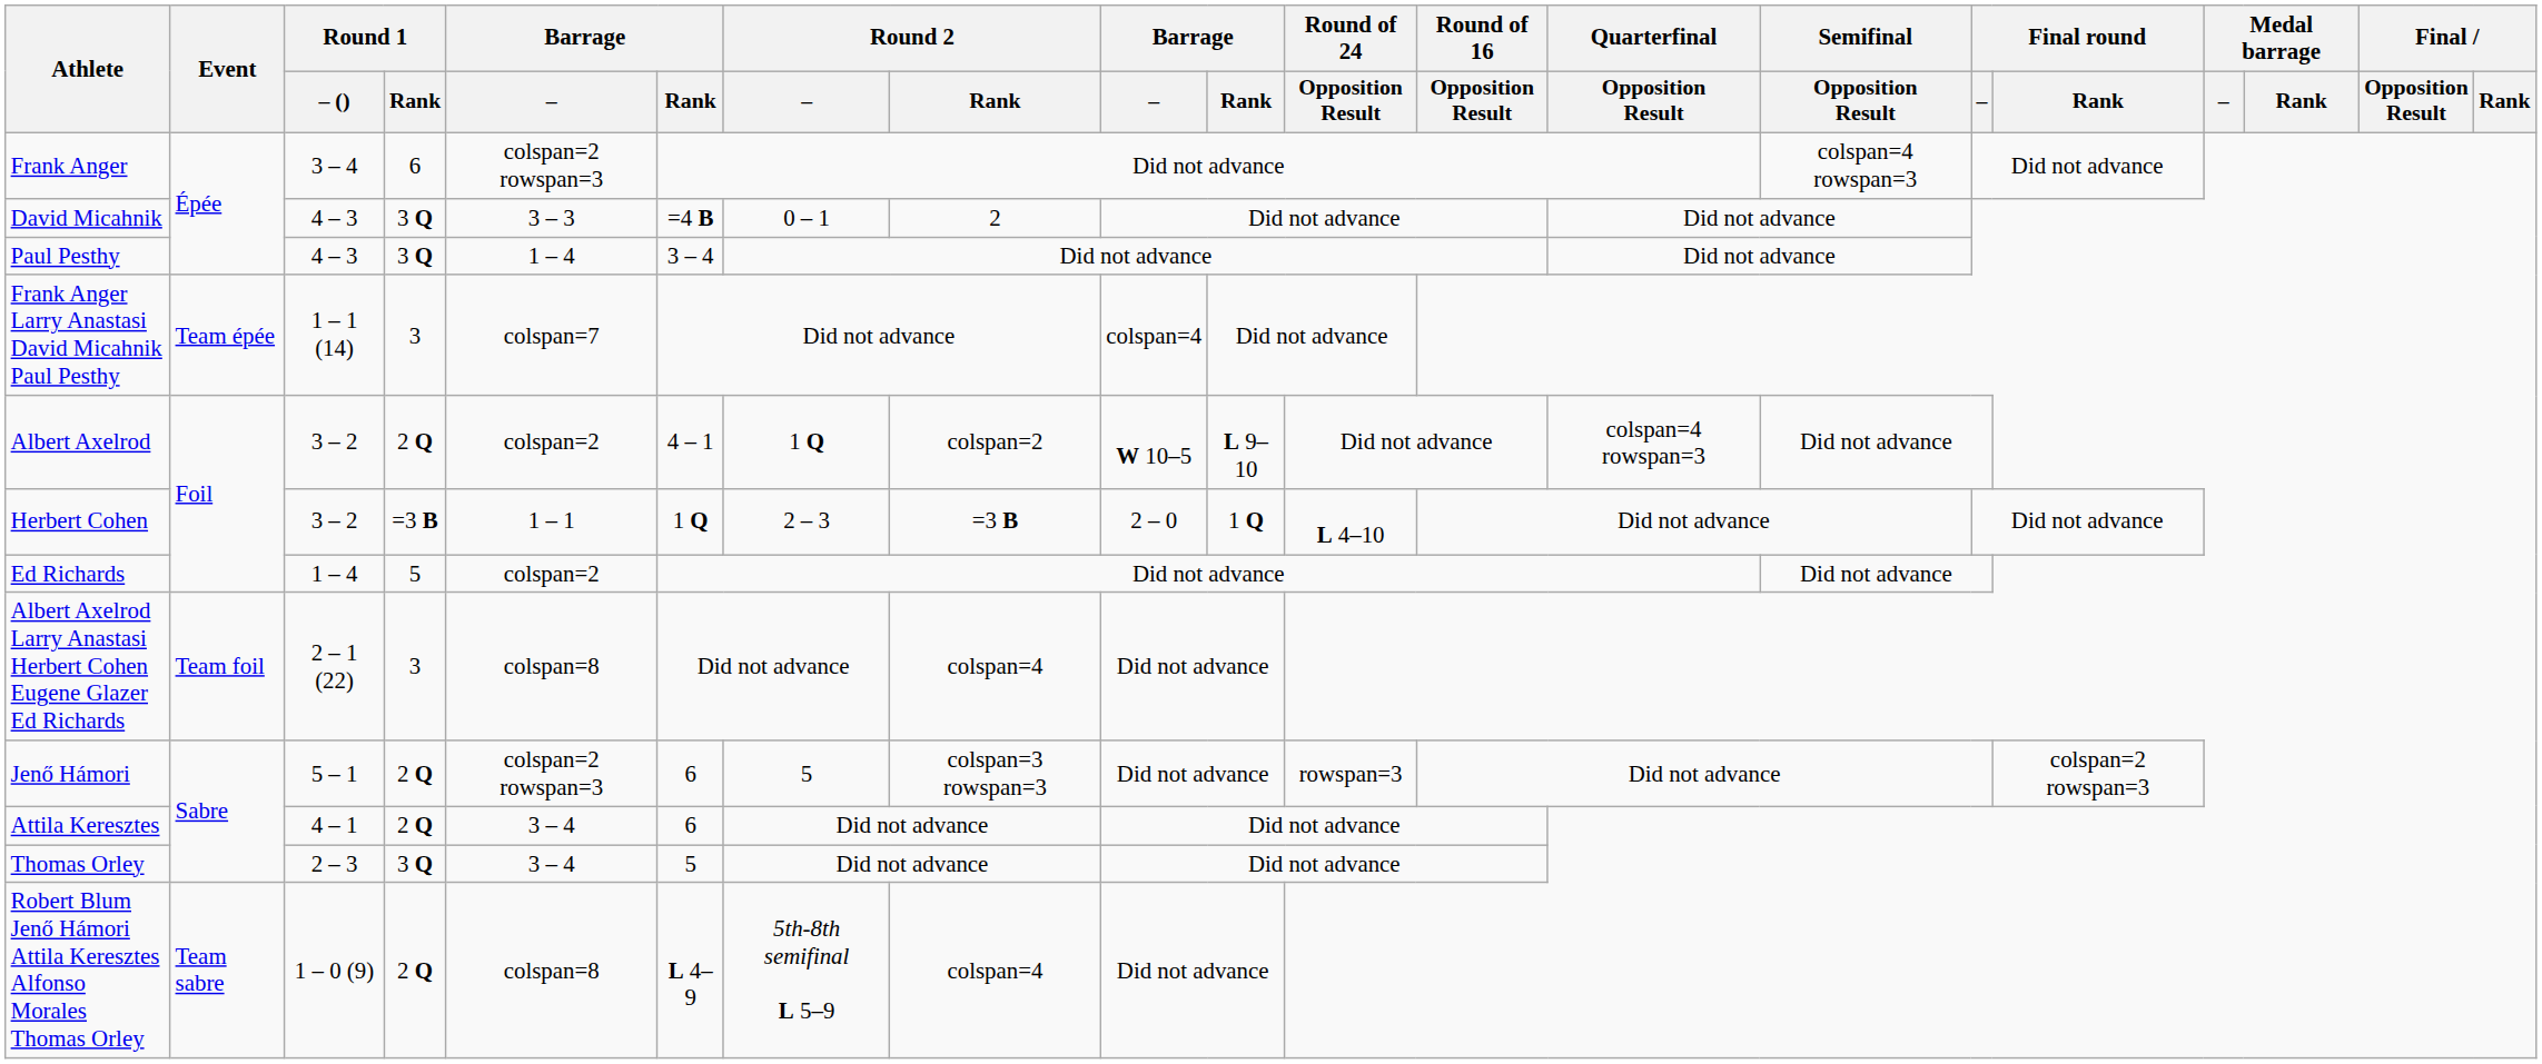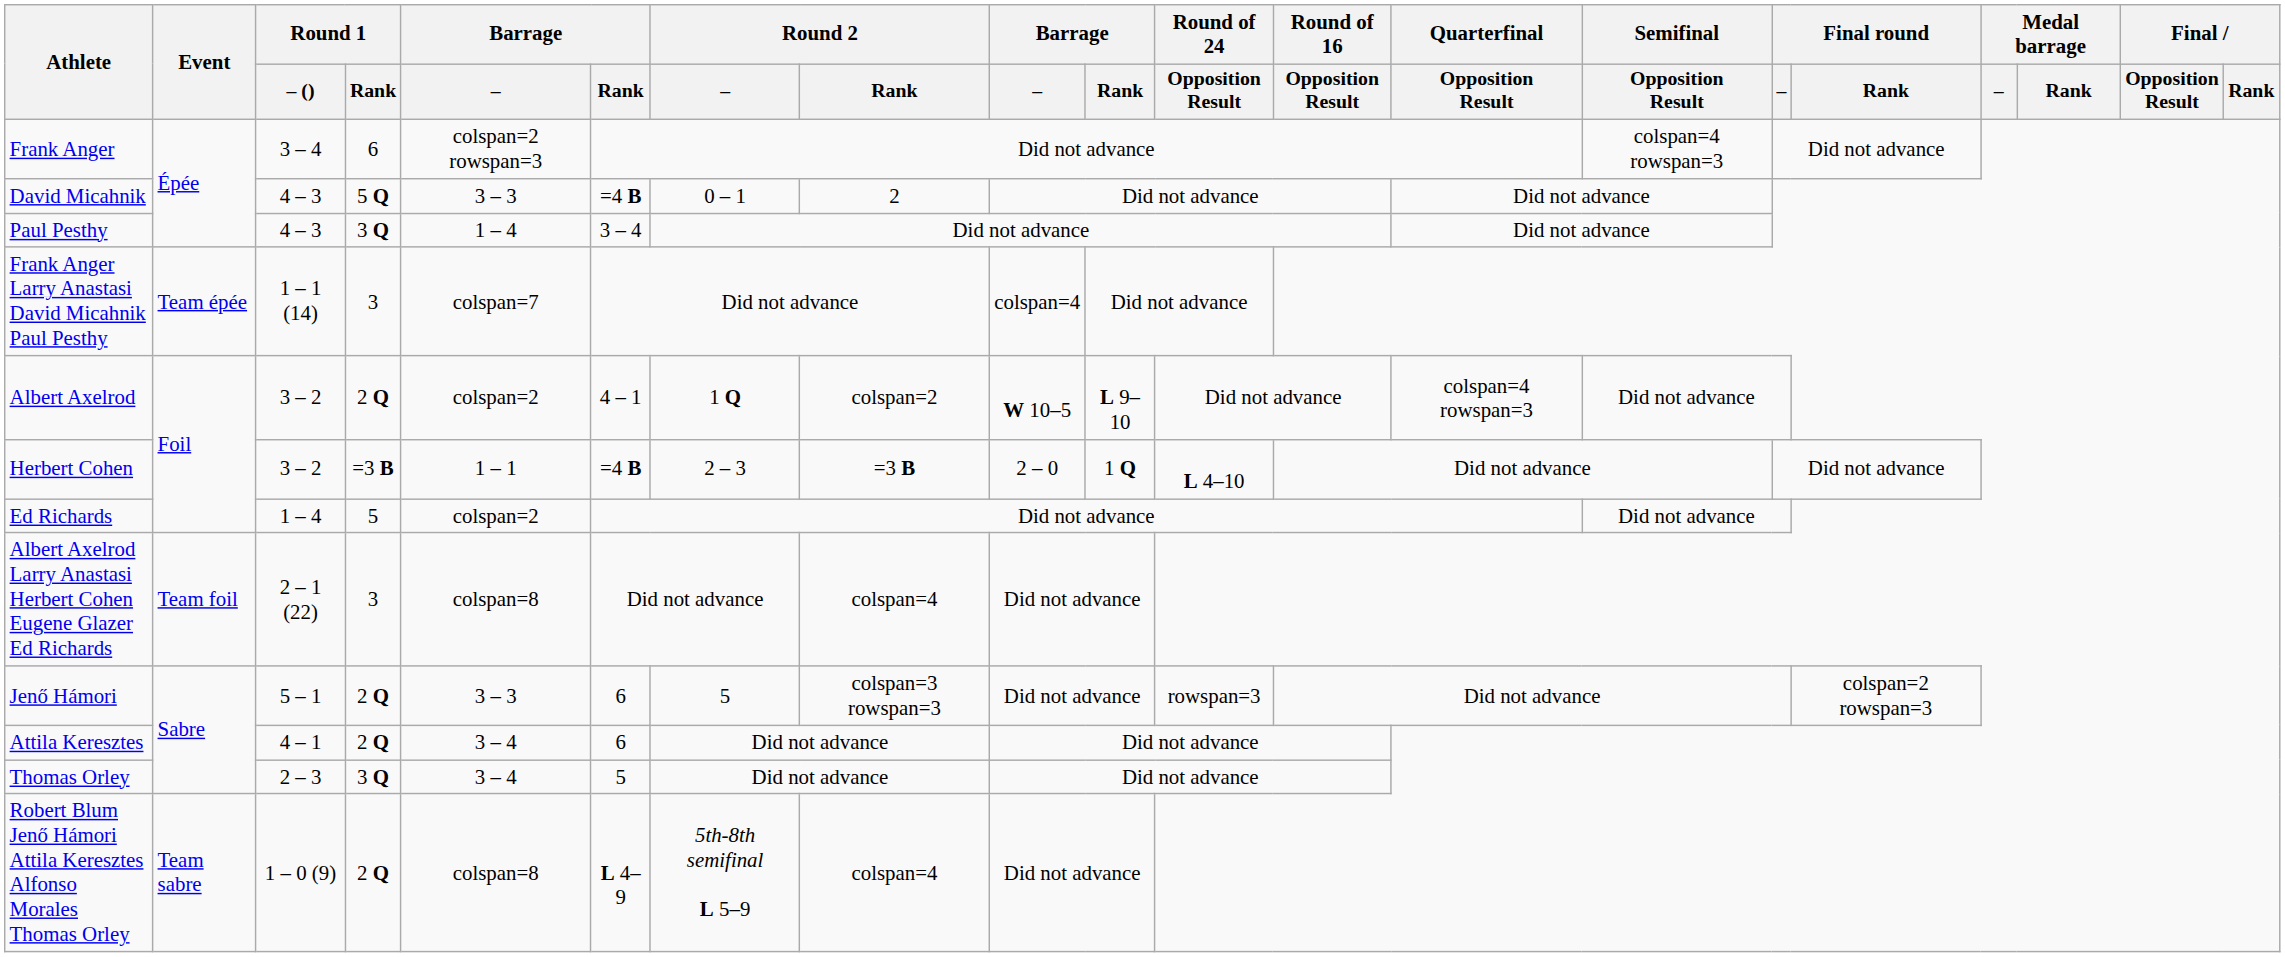 <table class=wikitable style=font-size:90%;text-align:center>
 <tr>
 <th rowspan=2>Athlete</th>
 <th rowspan=2>Event</th>
 <th colspan=2>Round 1</th>
 <th colspan=2>Barrage</th>
 <th colspan=2>Round 2</th>
 <th colspan=2>Barrage</th>
 <th>Round of 24</th>
 <th>Round of 16</th>
 <th>Quarterfinal</th>
 <th>Semifinal</th>
 <th colspan=2>Final round</th>
 <th colspan=2>Medal barrage</th>
 <th colspan=2>Final / </th>
 </tr>
 <tr style=font-size:95%>
 <th> –  ()</th>
 <th>Rank</th>
 <th> – </th>
 <th>Rank</th>
 <th> – </th>
 <th>Rank</th>
 <th> – </th>
 <th>Rank</th>
 <th>Opposition<br>Result</th>
 <th>Opposition<br>Result</th>
 <th>Opposition<br>Result</th>
 <th>Opposition<br>Result</th>
 <th> – </th>
 <th>Rank</th>
 <th> – </th>
 <th>Rank</th>
 <th>Opposition<br>Result</th>
 <th>Rank</th>
 </tr>
 <tr>
 <td align=left><a href='#'>Frank Anger</a></td>
 <td align=left rowspan=3><a href='#'>Épée</a></td>
 <td>3 – 4</td>
 <td>6</td>
 <td>colspan=2 rowspan=3 </td>
 <td colspan=8>Did not advance</td>
 <td>colspan=4 rowspan=3 </td>
 <td colspan=2>Did not advance</td>
 </tr>
 <tr>
 <td align=left><a href='#'>David Micahnik</a></td>
 <td>4 – 3</td>
-<td>3 <strong>Q</strong></td>
+<td>5 <strong>Q</strong></td>
 <td>3 – 3</td>
 <td>=4 <strong>B</strong></td>
 <td>0 – 1</td>
 <td>2</td>
 <td colspan=4>Did not advance</td>
 <td colspan=2>Did not advance</td>
 </tr>
 <tr>
 <td align=left><a href='#'>Paul Pesthy</a></td>
 <td>4 – 3</td>
 <td>3 <strong>Q</strong></td>
 <td>1 – 4</td>
 <td>3 – 4</td>
 <td colspan=6>Did not advance</td>
 <td colspan=2>Did not advance</td>
 </tr>
 <tr>
 <td align=left><a href='#'>Frank Anger</a><br><a href='#'>Larry Anastasi</a><br><a href='#'>David Micahnik</a><br><a href='#'>Paul Pesthy</a></td>
 <td align=left><a href='#'>Team épée</a></td>
 <td>1 – 1 (14)</td>
 <td>3</td>
 <td>colspan=7 </td>
 <td colspan=3>Did not advance</td>
 <td>colspan=4 </td>
 <td colspan=2>Did not advance</td>
 </tr>
 <tr>
 <td align=left><a href='#'>Albert Axelrod</a></td>
 <td align=left rowspan=3><a href='#'>Foil</a></td>
 <td>3 – 2</td>
 <td>2 <strong>Q</strong></td>
 <td>colspan=2 </td>
 <td>4 – 1</td>
 <td>1 <strong>Q</strong></td>
 <td>colspan=2 </td>
 <td><br><strong>W</strong> 10–5</td>
 <td><br><strong>L</strong> 9–10</td>
 <td colspan=2>Did not advance</td>
 <td>colspan=4 rowspan=3 </td>
 <td colspan=2>Did not advance</td>
 </tr>
 <tr>
 <td align=left><a href='#'>Herbert Cohen</a></td>
 <td>3 – 2</td>
 <td>=3 <strong>B</strong></td>
 <td>1 – 1</td>
-<td>1 <strong>Q</strong></td>
+<td>=4 <strong>B</strong></td>
 <td>2 – 3</td>
 <td>=3 <strong>B</strong></td>
 <td>2 – 0</td>
 <td>1 <strong>Q</strong></td>
 <td><br><strong>L</strong> 4–10</td>
 <td colspan=3>Did not advance</td>
 <td colspan=2>Did not advance</td>
 </tr>
 <tr>
 <td align=left><a href='#'>Ed Richards</a></td>
 <td>1 – 4</td>
 <td>5</td>
 <td>colspan=2 </td>
 <td colspan=8>Did not advance</td>
 <td colspan=2>Did not advance</td>
 </tr>
 <tr>
 <td align=left><a href='#'>Albert Axelrod</a><br><a href='#'>Larry Anastasi</a><br><a href='#'>Herbert Cohen</a><br><a href='#'>Eugene Glazer</a><br><a href='#'>Ed Richards</a></td>
 <td align=left><a href='#'>Team foil</a></td>
 <td>2 – 1 (22)</td>
 <td>3</td>
 <td>colspan=8 </td>
 <td colspan=2>Did not advance</td>
 <td>colspan=4 </td>
 <td colspan=2>Did not advance</td>
 </tr>
 <tr>
 <td align=left><a href='#'>Jenő Hámori</a></td>
 <td align=left rowspan=3><a href='#'>Sabre</a></td>
 <td>5 – 1</td>
 <td>2 <strong>Q</strong></td>
-<td>colspan=2 rowspan=3 </td>
+<td>3 – 3</td>
 <td>6</td>
 <td>5</td>
 <td>colspan=3 rowspan=3 </td>
 <td colspan=2>Did not advance</td>
 <td>rowspan=3 </td>
 <td colspan=4>Did not advance</td>
 <td>colspan=2 rowspan=3 </td>
 </tr>
 <tr>
 <td align=left><a href='#'>Attila Keresztes</a></td>
 <td>4 – 1</td>
 <td>2 <strong>Q</strong></td>
 <td>3 – 4</td>
 <td>6</td>
 <td colspan=2>Did not advance</td>
 <td colspan=4>Did not advance</td>
 </tr>
 <tr>
 <td align=left><a href='#'>Thomas Orley</a></td>
 <td>2 – 3</td>
 <td>3 <strong>Q</strong></td>
 <td>3 – 4</td>
 <td>5</td>
 <td colspan=2>Did not advance</td>
 <td colspan=4>Did not advance</td>
 </tr>
 <tr>
 <td align=left><a href='#'>Robert Blum</a><br><a href='#'>Jenő Hámori</a><br><a href='#'>Attila Keresztes</a><br><a href='#'>Alfonso Morales</a><br><a href='#'>Thomas Orley</a></td>
 <td align=left><a href='#'>Team sabre</a></td>
 <td>1 – 0 (9)</td>
 <td>2 <strong>Q</strong></td>
 <td>colspan=8 </td>
 <td><br><strong>L</strong> 4–9</td>
 <td><em>5th-8th semifinal</em><br><br><strong>L</strong> 5–9</td>
 <td>colspan=4 </td>
 <td colspan=2>Did not advance</td>
 </tr>
 </table>
